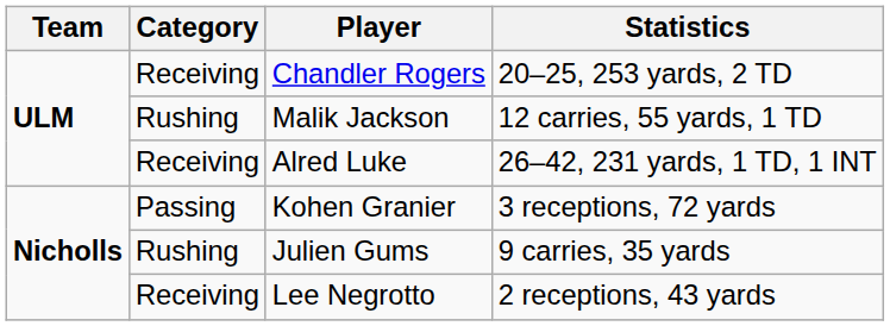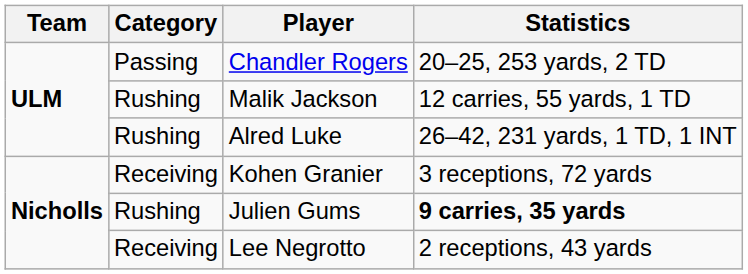 <table class="wikitable" style="float: right;">
 <tr>
 <th>Team</th>
 <th>Category</th>
 <th>Player</th>
 <th>Statistics</th>
 </tr>
 <tr>
 <td rowspan=3><strong>ULM</strong></td>
-<td>Receiving</td>
+<td>Passing</td>
 <td><a href='#'>Chandler Rogers</a></td>
 <td>20–25, 253 yards, 2 TD</td>
 </tr>
 <tr>
 <td>Rushing</td>
 <td>Malik Jackson</td>
 <td>12 carries, 55 yards, 1 TD</td>
 </tr>
 <tr>
-<td>Receiving</td>
+<td>Rushing</td>
 <td>Alred Luke</td>
 <td>26–42, 231 yards, 1 TD, 1 INT</td>
 </tr>
 <tr>
 <td rowspan=3><strong>Nicholls</strong></td>
-<td>Passing</td>
+<td>Receiving</td>
 <td>Kohen Granier</td>
 <td>3 receptions, 72 yards</td>
 </tr>
 <tr>
 <td>Rushing</td>
 <td>Julien Gums</td>
-<td>9 carries, 35 yards</td>
+<td><strong>9 carries, 35 yards</strong></td>
 </tr>
 <tr>
 <td>Receiving</td>
 <td>Lee Negrotto</td>
 <td>2 receptions, 43 yards</td>
 </tr>
 </table>
